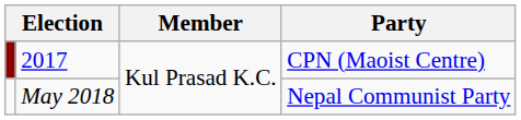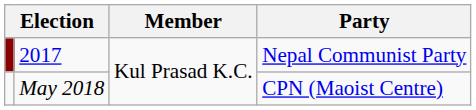 <table class="wikitable">
 <tr>
 <th colspan="2">Election</th>
 <th>Member</th>
 <th>Party</th>
 </tr>
 <tr>
 <td style="background-color:darkred"></td>
 <td><a href='#'>2017</a></td>
 <td rowspan="2">Kul Prasad K.C.</td>
-<td><a href='#'>CPN (Maoist Centre)</a></td>
+<td><a href='#'>Nepal Communist Party</a></td>
 </tr>
 <tr>
 <td style="background-color:"></td>
 <td><em>May 2018</em></td>
-<td><a href='#'>Nepal Communist Party</a></td>
+<td><a href='#'>CPN (Maoist Centre)</a></td>
 </tr>
 </table>
